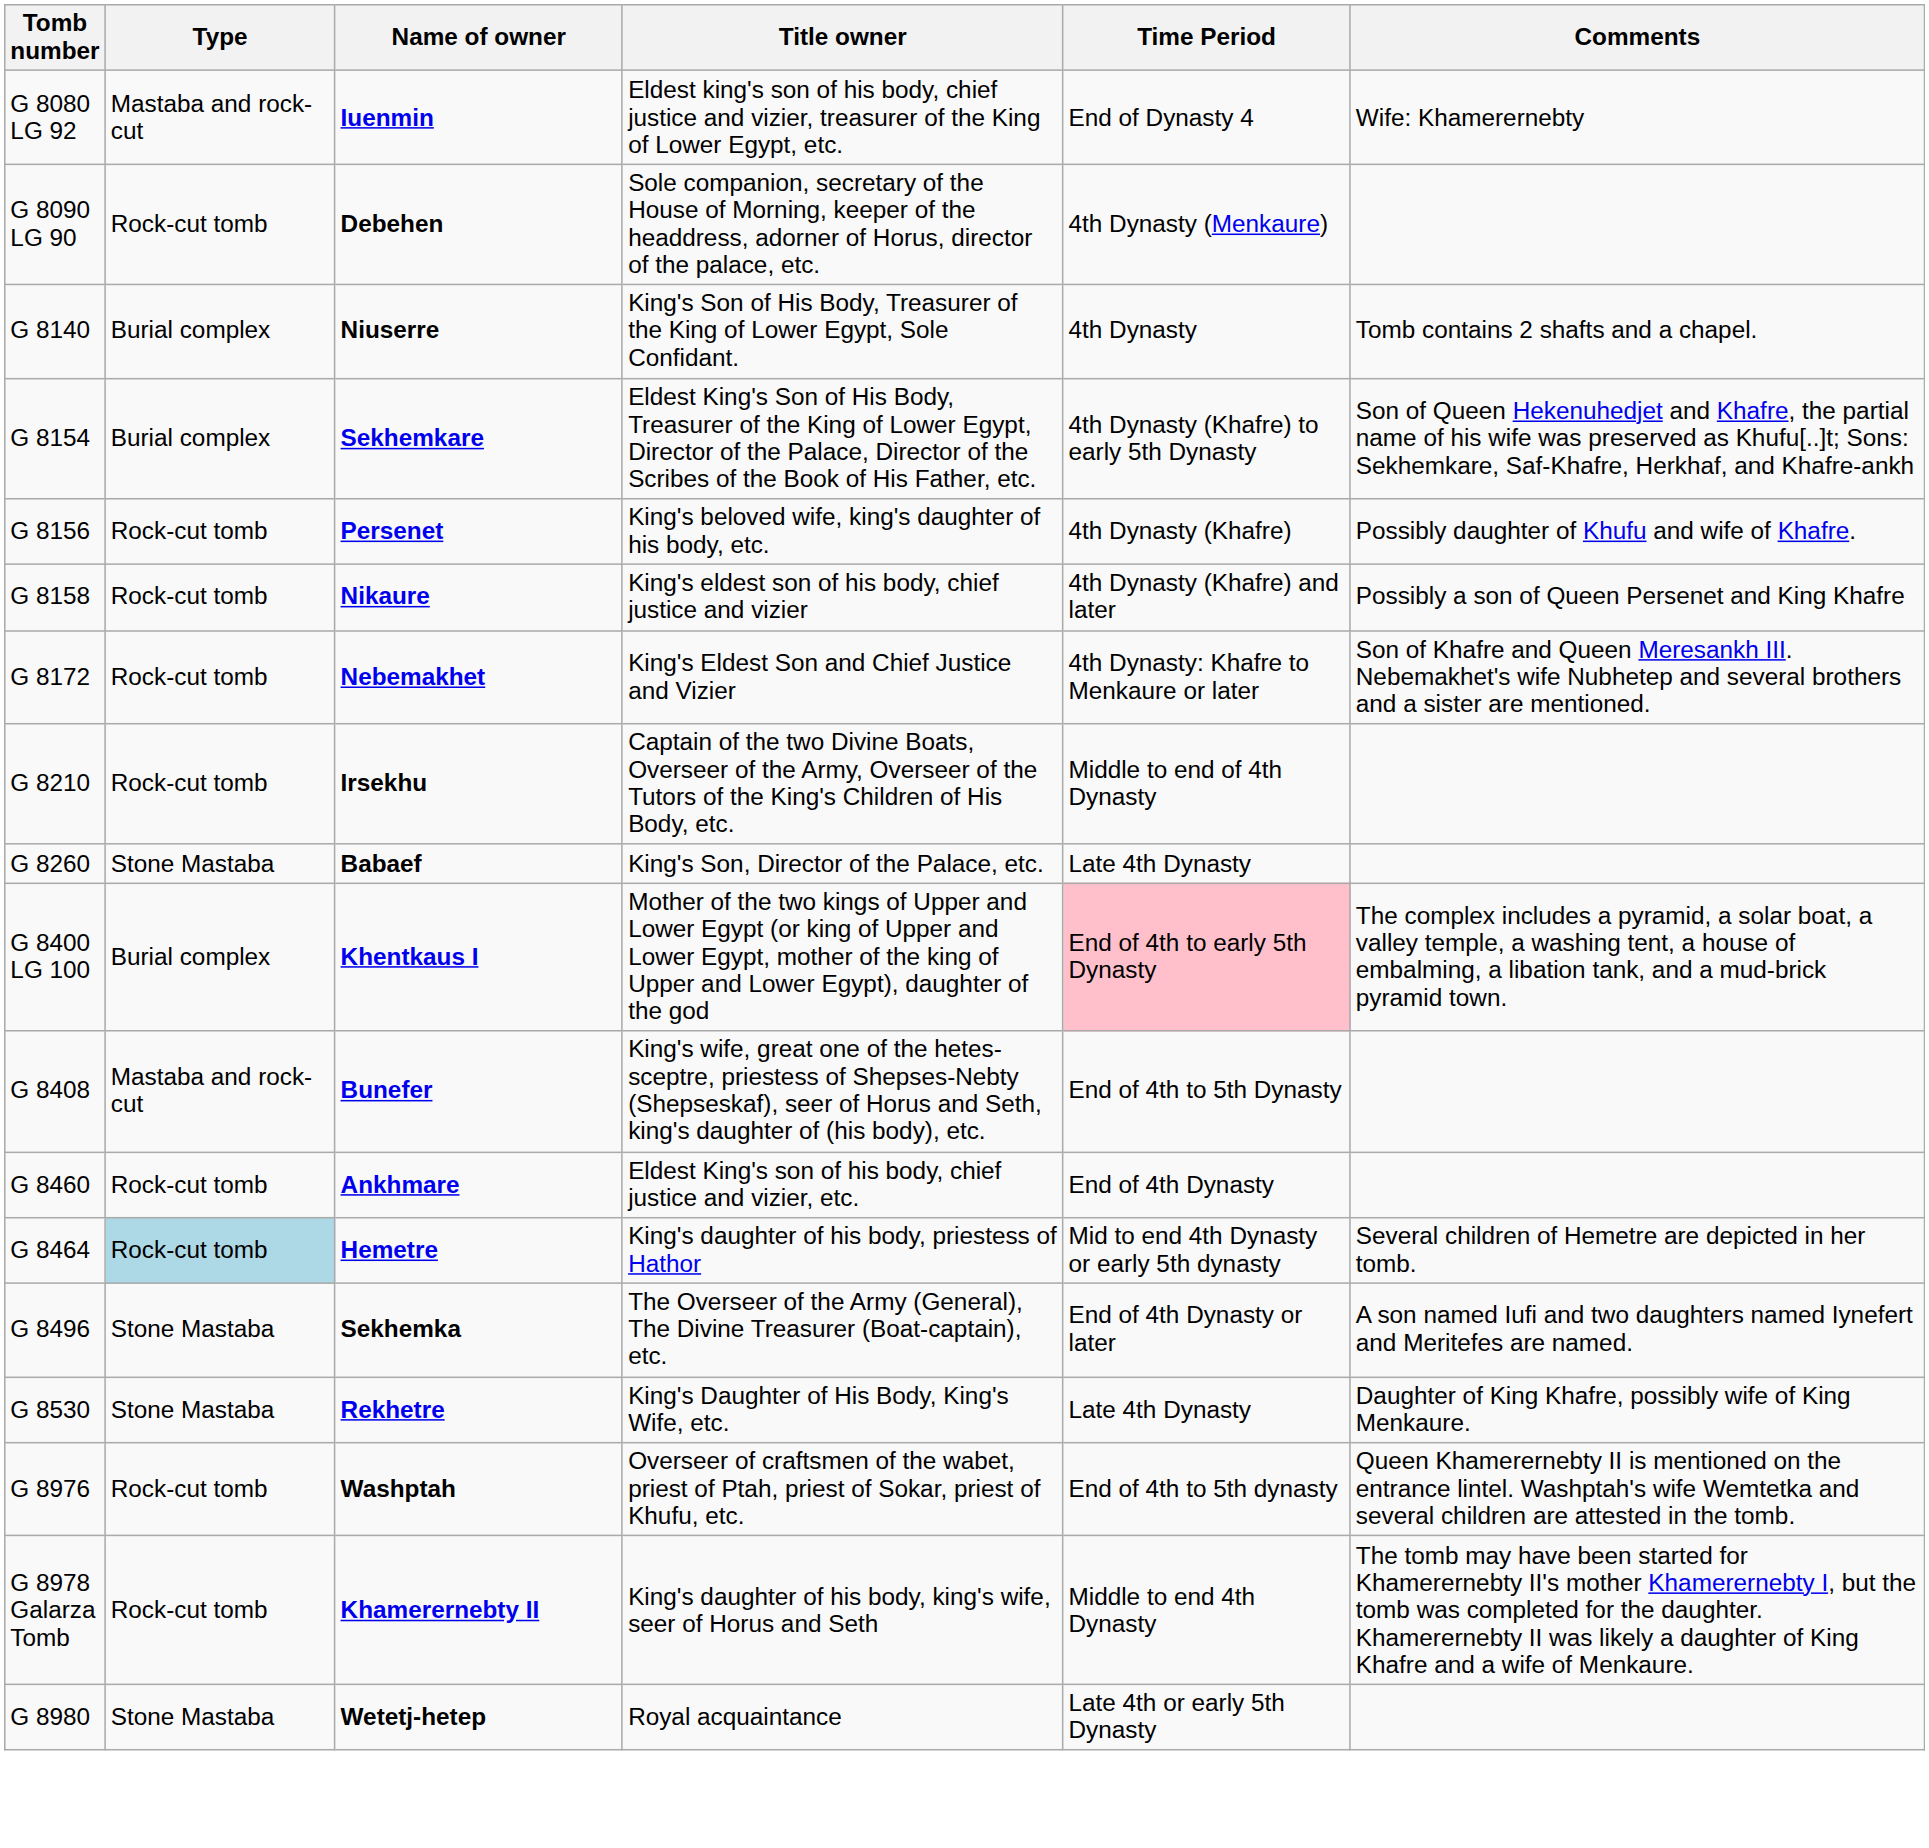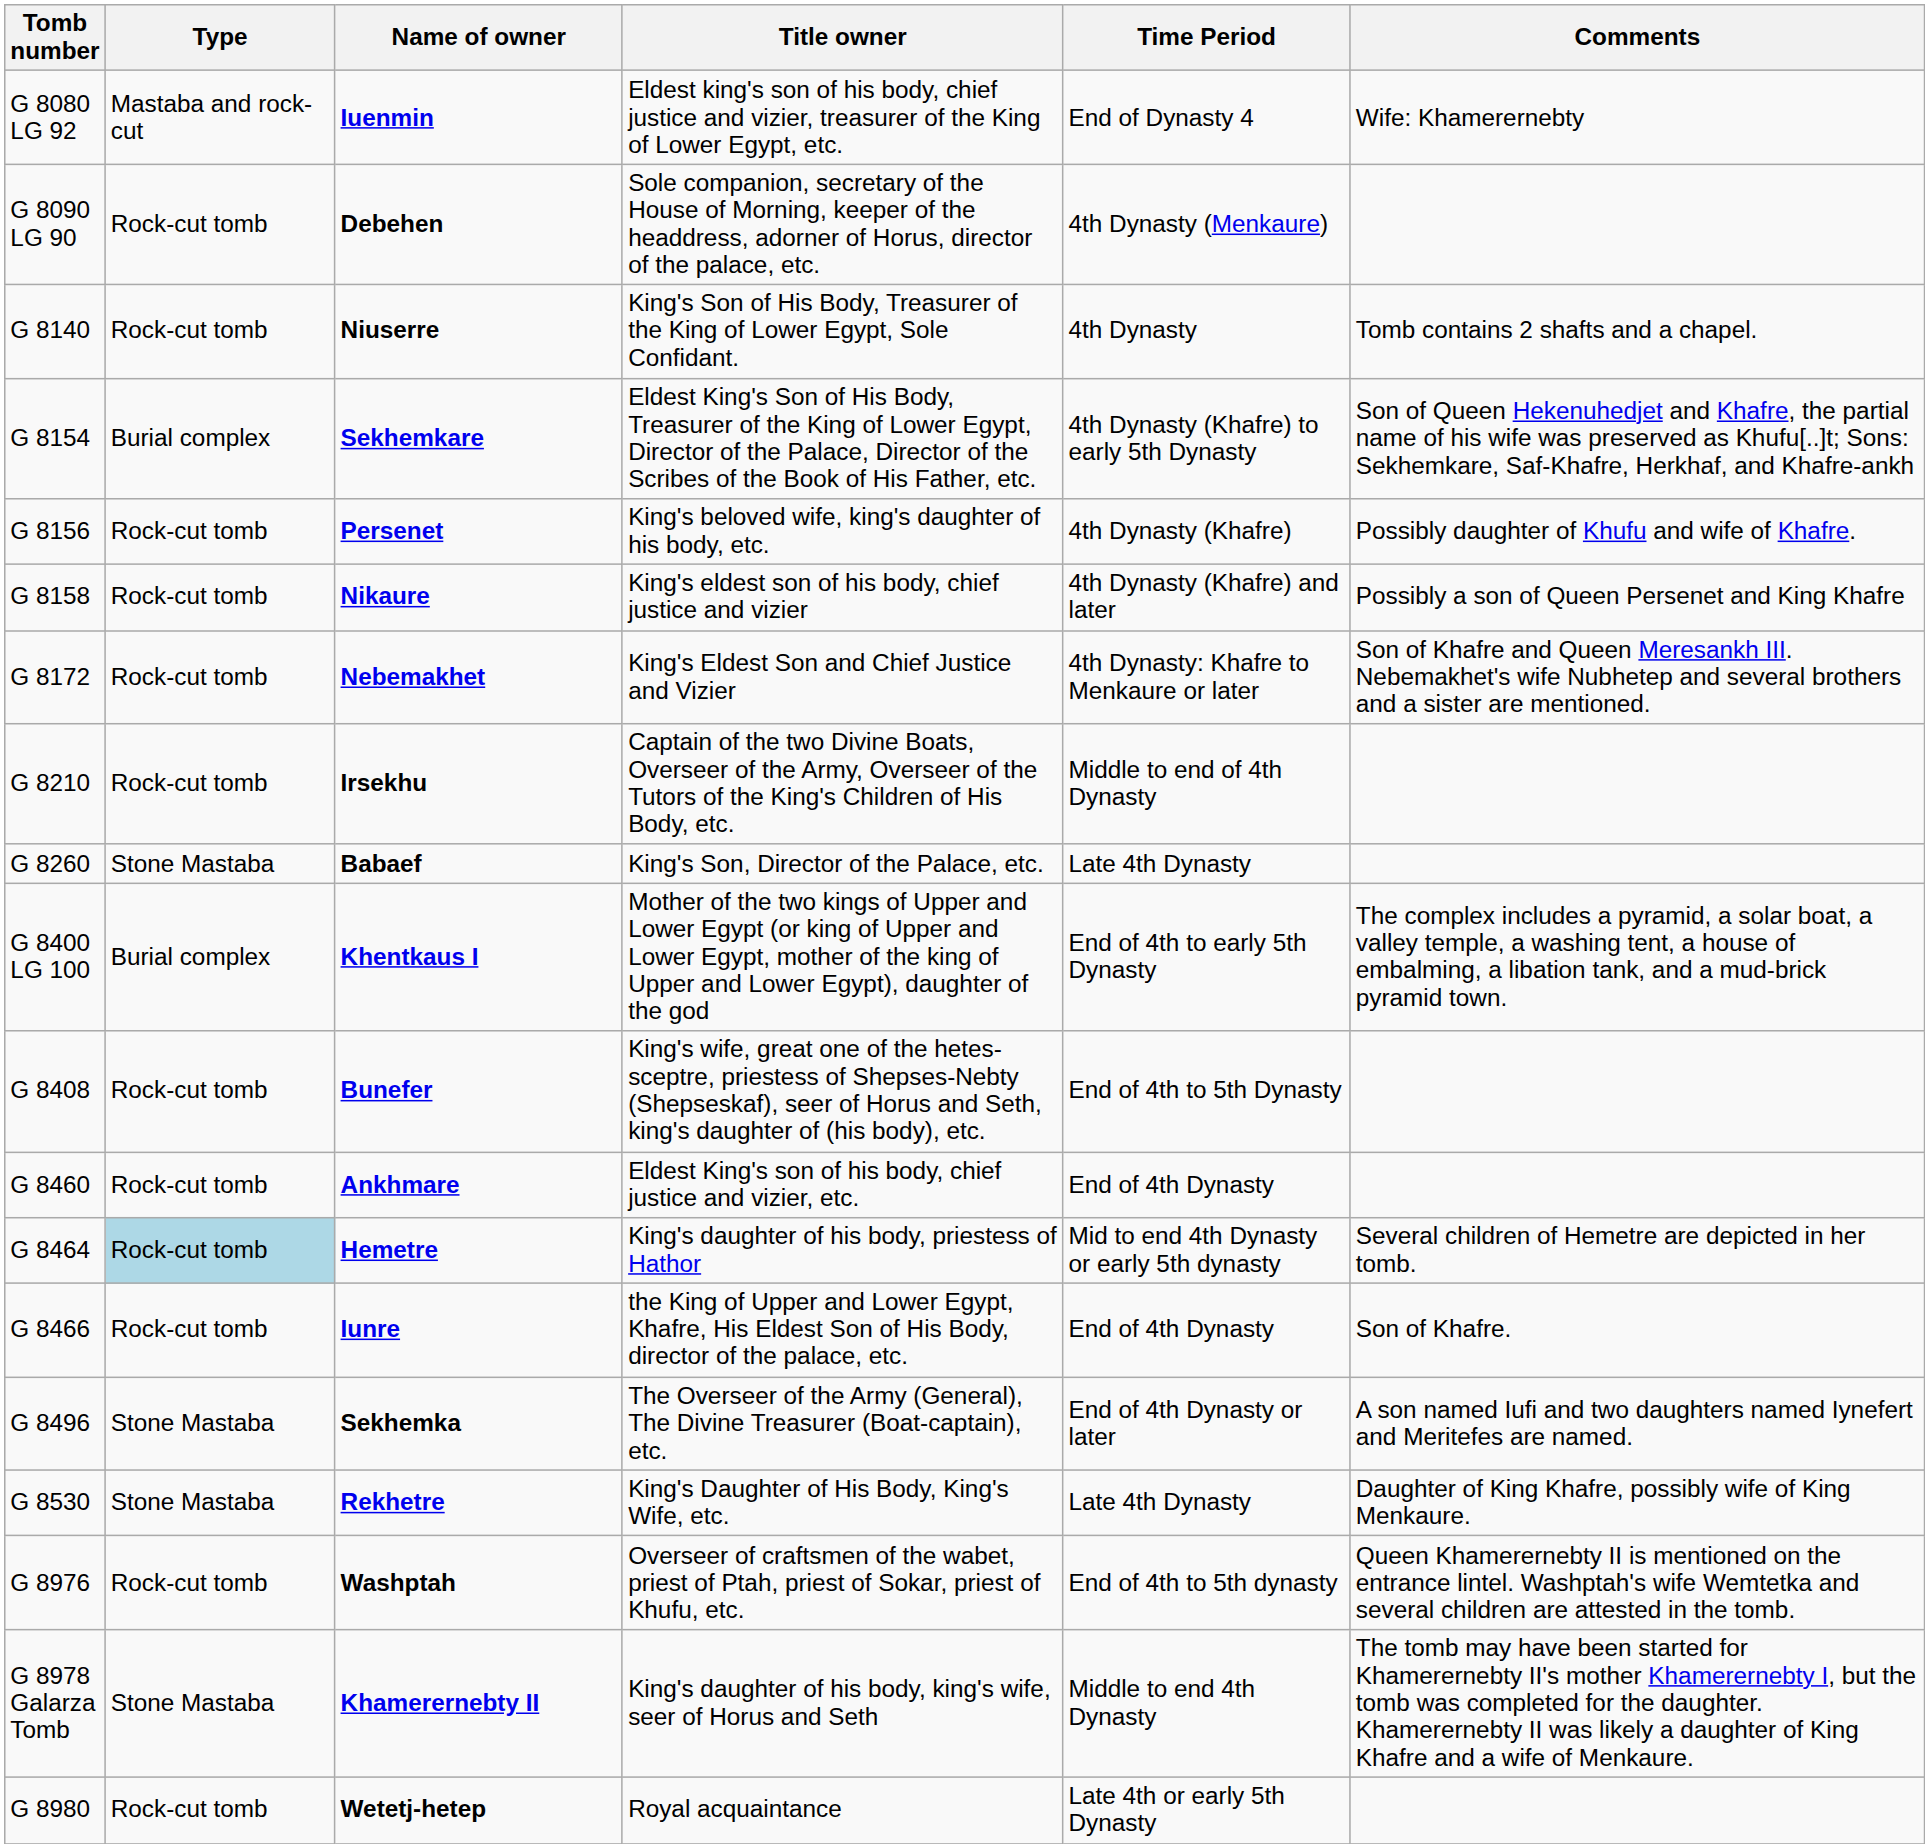 <table class="wikitable" style="width: 100%;">
 <tr>
 <th width="5%">Tomb number</th>
 <th width="12%">Type</th>
 <th width="15%">Name of owner</th>
 <th width="23%">Title owner</th>
 <th width="15%">Time Period</th>
 <th width="30%">Comments</th>
 </tr>
 <tr>
 <td>G 8080 <br> LG 92</td>
 <td>Mastaba and rock-cut</td>
 <td><strong><a href='#'>Iuenmin</a> </strong></td>
 <td>Eldest king's son of his body, chief justice and vizier, treasurer of the King of Lower Egypt, etc. </td>
 <td>End of Dynasty 4</td>
 <td>Wife: Khamerernebty</td>
 </tr>
 <tr>
 <td>G 8090 <br> LG 90</td>
 <td>Rock-cut tomb</td>
 <td><strong>Debehen</strong></td>
 <td>Sole companion, secretary of the House of Morning, keeper of the headdress, adorner of Horus, director of the palace, etc.</td>
 <td>4th Dynasty (<a href='#'>Menkaure</a>)</td>
 <td></td>
 </tr>
 <tr>
 <td>G 8140</td>
-<td>Burial complex</td>
+<td>Rock-cut tomb</td>
 <td><strong>Niuserre</strong></td>
 <td>King's Son of His Body, Treasurer of the King of Lower Egypt, Sole Confidant.</td>
 <td>4th Dynasty</td>
 <td>Tomb contains 2 shafts and a chapel.</td>
 </tr>
 <tr>
 <td>G 8154</td>
 <td>Burial complex</td>
 <td><strong><a href='#'>Sekhemkare</a></strong></td>
 <td>Eldest King's Son of His Body, Treasurer of the King of Lower Egypt, Director of the Palace, Director of the Scribes of the Book of His Father, etc.</td>
 <td>4th Dynasty (Khafre) to early 5th Dynasty</td>
 <td>Son of Queen <a href='#'>Hekenuhedjet</a> and <a href='#'>Khafre</a>, the partial name of his wife was preserved as Khufu[..]t; Sons: Sekhemkare, Saf-Khafre, Herkhaf, and Khafre-ankh</td>
 </tr>
 <tr>
 <td>G 8156</td>
 <td>Rock-cut tomb</td>
 <td><strong><a href='#'>Persenet</a></strong></td>
 <td>King's beloved wife, king's daughter of his body, etc.</td>
 <td>4th Dynasty (Khafre)</td>
 <td>Possibly daughter of <a href='#'>Khufu</a> and wife of <a href='#'>Khafre</a>.</td>
 </tr>
 <tr>
 <td>G 8158</td>
 <td>Rock-cut tomb</td>
 <td><strong><a href='#'>Nikaure</a></strong></td>
 <td>King's eldest son of his body, chief justice and vizier</td>
 <td>4th Dynasty (Khafre) and later</td>
 <td>Possibly a son of Queen Persenet and King Khafre</td>
 </tr>
 <tr>
 <td>G 8172</td>
 <td>Rock-cut tomb</td>
 <td><strong><a href='#'>Nebemakhet</a></strong></td>
 <td>King's Eldest Son and Chief Justice and Vizier</td>
 <td>4th Dynasty: Khafre to Menkaure or later</td>
 <td>Son of Khafre and Queen <a href='#'>Meresankh III</a>. Nebemakhet's wife Nubhetep and several brothers and a sister are mentioned.</td>
 </tr>
 <tr>
 <td>G 8210</td>
 <td>Rock-cut tomb</td>
 <td><strong>Irsekhu</strong></td>
 <td>Captain of the two Divine Boats, Overseer of the Army, Overseer of the Tutors of the King's Children of His Body, etc.</td>
 <td>Middle to end of 4th Dynasty</td>
 <td></td>
 </tr>
 <tr>
 <td>G 8260</td>
 <td>Stone Mastaba</td>
 <td><strong>Babaef</strong></td>
 <td>King's Son, Director of the Palace, etc.</td>
 <td>Late 4th Dynasty</td>
 <td></td>
 </tr>
 <tr>
 <td>G 8400 <br> LG 100</td>
 <td>Burial complex</td>
 <td><strong><a href='#'>Khentkaus I</a></strong></td>
 <td>Mother of the two kings of Upper and Lower Egypt (or king of Upper and Lower Egypt, mother of the king of Upper and Lower Egypt), daughter of the god</td>
-<td style="background: pink;">End of 4th to early 5th Dynasty</td>
+<td>End of 4th to early 5th Dynasty</td>
 <td>The complex includes a pyramid, a solar boat, a valley temple, a washing tent, a house of embalming, a libation tank, and a  mud-brick pyramid town.</td>
 </tr>
 <tr>
 <td>G 8408</td>
-<td>Mastaba and rock-cut</td>
+<td>Rock-cut tomb</td>
 <td><strong><a href='#'>Bunefer</a></strong></td>
 <td>King's wife, great one of the hetes-sceptre, priestess of Shepses-Nebty (Shepseskaf), seer of Horus and Seth, king's daughter of (his body), etc.</td>
 <td>End of 4th to 5th Dynasty</td>
 <td></td>
 </tr>
 <tr>
 <td>G 8460</td>
 <td>Rock-cut tomb</td>
 <td><strong><a href='#'>Ankhmare</a></strong></td>
 <td>Eldest King's son of his body, chief justice and vizier, etc.</td>
 <td>End of 4th Dynasty</td>
 <td></td>
 </tr>
 <tr>
 <td>G 8464</td>
 <td style="background: lightblue;">Rock-cut tomb</td>
 <td><strong><a href='#'>Hemetre</a></strong></td>
 <td>King's daughter of his body, priestess of <a href='#'>Hathor</a></td>
 <td>Mid to end 4th Dynasty or early 5th dynasty</td>
 <td>Several children of Hemetre are depicted in her tomb.</td>
+</tr>
+<tr>
+<td>G 8466</td>
+<td>Rock-cut tomb</td>
+<td><strong><a href='#'>Iunre</a> </strong></td>
+<td>the King of Upper and Lower Egypt, Khafre, His Eldest Son of His Body, director of the palace, etc.</td>
+<td>End of 4th Dynasty</td>
+<td>Son of Khafre.</td>
 </tr>
 <tr>
 <td>G 8496</td>
 <td>Stone Mastaba</td>
 <td><strong>Sekhemka</strong></td>
 <td>The Overseer of the Army (General), The Divine Treasurer (Boat-captain), etc. </td>
 <td>End of 4th Dynasty or later</td>
 <td>A son named Iufi and two daughters named Iynefert and Meritefes are named.</td>
 </tr>
 <tr>
 <td>G 8530</td>
 <td>Stone Mastaba</td>
 <td><strong><a href='#'>Rekhetre</a></strong></td>
 <td>King's Daughter of His Body, King's Wife, etc.</td>
 <td>Late 4th Dynasty</td>
 <td>Daughter of King Khafre, possibly wife of King Menkaure.</td>
 </tr>
 <tr>
 <td>G 8976</td>
 <td>Rock-cut tomb</td>
 <td><strong>Washptah</strong></td>
 <td>Overseer of craftsmen of the wabet, priest of Ptah, priest of Sokar, priest of Khufu, etc.</td>
 <td>End of 4th to 5th dynasty</td>
 <td>Queen Khamerernebty II is mentioned on the entrance lintel. Washptah's wife Wemtetka and several children are attested in the tomb.</td>
 </tr>
 <tr>
 <td>G 8978 <br> Galarza Tomb</td>
-<td>Rock-cut tomb</td>
+<td>Stone Mastaba</td>
 <td><strong><a href='#'>Khamerernebty II</a></strong></td>
 <td>King's daughter of his body, king's wife, seer of Horus and Seth</td>
 <td>Middle to end 4th Dynasty</td>
 <td>The tomb may have been started for Khamerernebty II's mother <a href='#'>Khamerernebty I</a>, but the tomb was completed for the daughter. Khamerernebty II was likely a daughter of King Khafre and a wife of Menkaure.</td>
 </tr>
 <tr>
 <td>G 8980</td>
-<td>Stone Mastaba</td>
+<td>Rock-cut tomb</td>
 <td><strong>Wetetj-hetep </strong></td>
 <td>Royal acquaintance</td>
 <td>Late 4th  or early 5th Dynasty</td>
 <td></td>
 </tr>
 </table>
